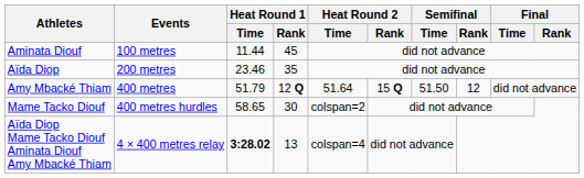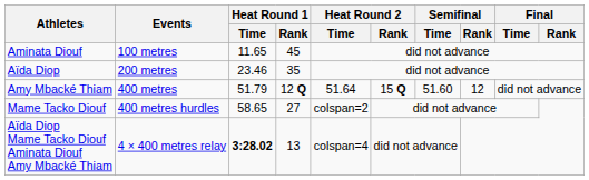 <table class=wikitable style=font-size:90%>
 <tr>
 <th rowspan=2>Athletes</th>
 <th rowspan=2>Events</th>
 <th colspan=2>Heat Round 1</th>
 <th colspan=2>Heat Round 2</th>
 <th colspan=2>Semifinal</th>
 <th colspan=2>Final</th>
 </tr>
 <tr>
 <th>Time</th>
 <th>Rank</th>
 <th>Time</th>
 <th>Rank</th>
 <th>Time</th>
 <th>Rank</th>
 <th>Time</th>
 <th>Rank</th>
 </tr>
 <tr>
 <td><a href='#'>Aminata Diouf</a></td>
 <td><a href='#'>100 metres</a></td>
-<td align=center>11.44</td>
+<td align=center>11.65</td>
 <td align=center>45</td>
 <td align=center colspan=6>did not advance</td>
 </tr>
 <tr>
 <td><a href='#'>Aïda Diop</a></td>
 <td><a href='#'>200 metres</a></td>
 <td align=center>23.46</td>
 <td align=center>35</td>
 <td align=center colspan=6>did not advance</td>
 </tr>
 <tr>
 <td><a href='#'>Amy Mbacké Thiam</a></td>
 <td><a href='#'>400 metres</a></td>
 <td align=center>51.79</td>
 <td align=center>12 <strong>Q</strong></td>
 <td align=center>51.64</td>
 <td align=center>15 <strong>Q</strong></td>
-<td align=center>51.50</td>
+<td align=center>51.60</td>
 <td align=center>12</td>
 <td align=center colspan=2>did not advance</td>
 </tr>
 <tr>
 <td><a href='#'>Mame Tacko Diouf</a></td>
 <td><a href='#'>400 metres hurdles</a></td>
 <td align=center>58.65</td>
-<td align=center>30</td>
+<td align=center>27</td>
 <td>colspan=2</td>
 <td align=center colspan=4>did not advance</td>
 </tr>
 <tr>
 <td><a href='#'>Aïda Diop</a><br><a href='#'>Mame Tacko Diouf</a><br><a href='#'>Aminata Diouf</a><br><a href='#'>Amy Mbacké Thiam</a></td>
 <td><a href='#'>4 × 400 metres relay</a></td>
 <td align=center><strong>3:28.02</strong></td>
 <td align=center>13</td>
 <td>colspan=4</td>
 <td align=center colspan=2>did not advance</td>
 </tr>
 </table>
